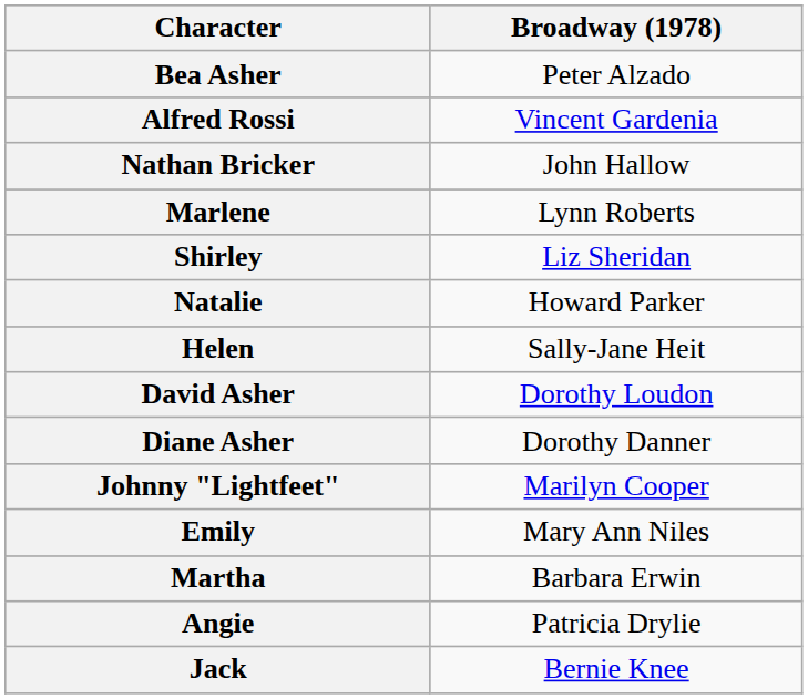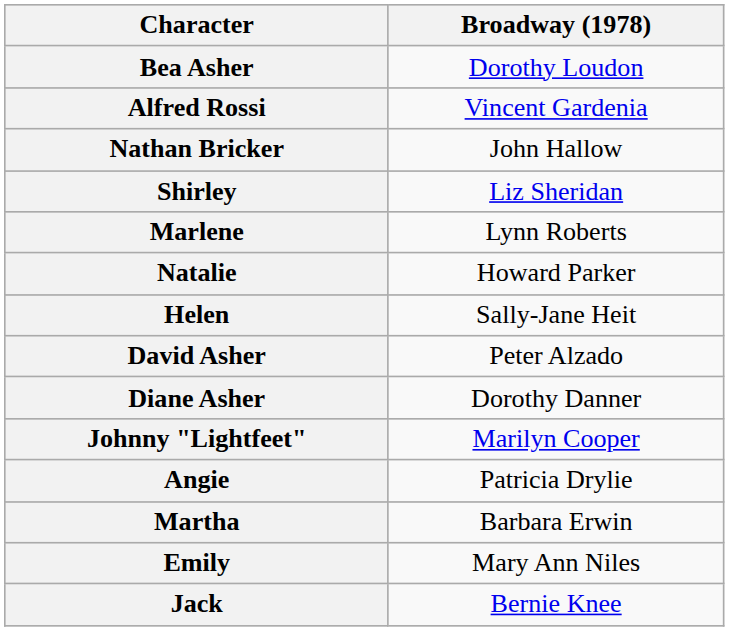 <table class="wikitable" style="width:50%; text-align:center">
 <tr>
 <th scope="col">Character</th>
 <th>Broadway (1978)</th>
 </tr>
 <tr>
 <th>Bea Asher</th>
-<td colspan="1">Peter Alzado</td>
+<td colspan="1"><a href='#'>Dorothy Loudon</a></td>
 </tr>
 <tr>
 <th>Alfred Rossi</th>
 <td colspan="1”"><a href='#'>Vincent Gardenia</a></td>
 </tr>
 <tr>
 <th>Nathan Bricker</th>
 <td colspan="1">John Hallow</td>
 </tr>
 <tr>
+<th>Shirley</th>
+<td colspan="1"><a href='#'>Liz Sheridan</a></td>
+</tr>
+<tr>
 <th>Marlene</th>
 <td colspan="1">Lynn Roberts</td>
-</tr>
-<tr>
-<th>Shirley</th>
-<td colspan="1"><a href='#'>Liz Sheridan</a></td>
 </tr>
 <tr>
 <th>Natalie</th>
 <td colspan="1">Howard Parker</td>
 </tr>
 <tr>
 <th>Helen</th>
 <td colspan="1">Sally-Jane Heit</td>
 </tr>
 <tr>
 <th>David Asher</th>
-<td colspan="1"><a href='#'>Dorothy Loudon</a></td>
+<td colspan="1">Peter Alzado</td>
 </tr>
 <tr>
 <th>Diane Asher</th>
 <td colspan="1">Dorothy Danner</td>
 </tr>
 <tr>
 <th>Johnny "Lightfeet"</th>
 <td colspan="1"><a href='#'>Marilyn Cooper</a></td>
 </tr>
 <tr>
-<th>Emily</th>
-<td colspan="1">Mary Ann Niles</td>
+<th>Angie</th>
+<td colspan="1">Patricia Drylie</td>
 </tr>
 <tr>
 <th>Martha</th>
 <td colspan="1">Barbara Erwin</td>
 </tr>
 <tr>
-<th>Angie</th>
-<td colspan="1">Patricia Drylie</td>
+<th>Emily</th>
+<td colspan="1">Mary Ann Niles</td>
 </tr>
 <tr>
 <th>Jack</th>
 <td colspan="1”"><a href='#'>Bernie Knee</a></td>
 </tr>
 </table>
